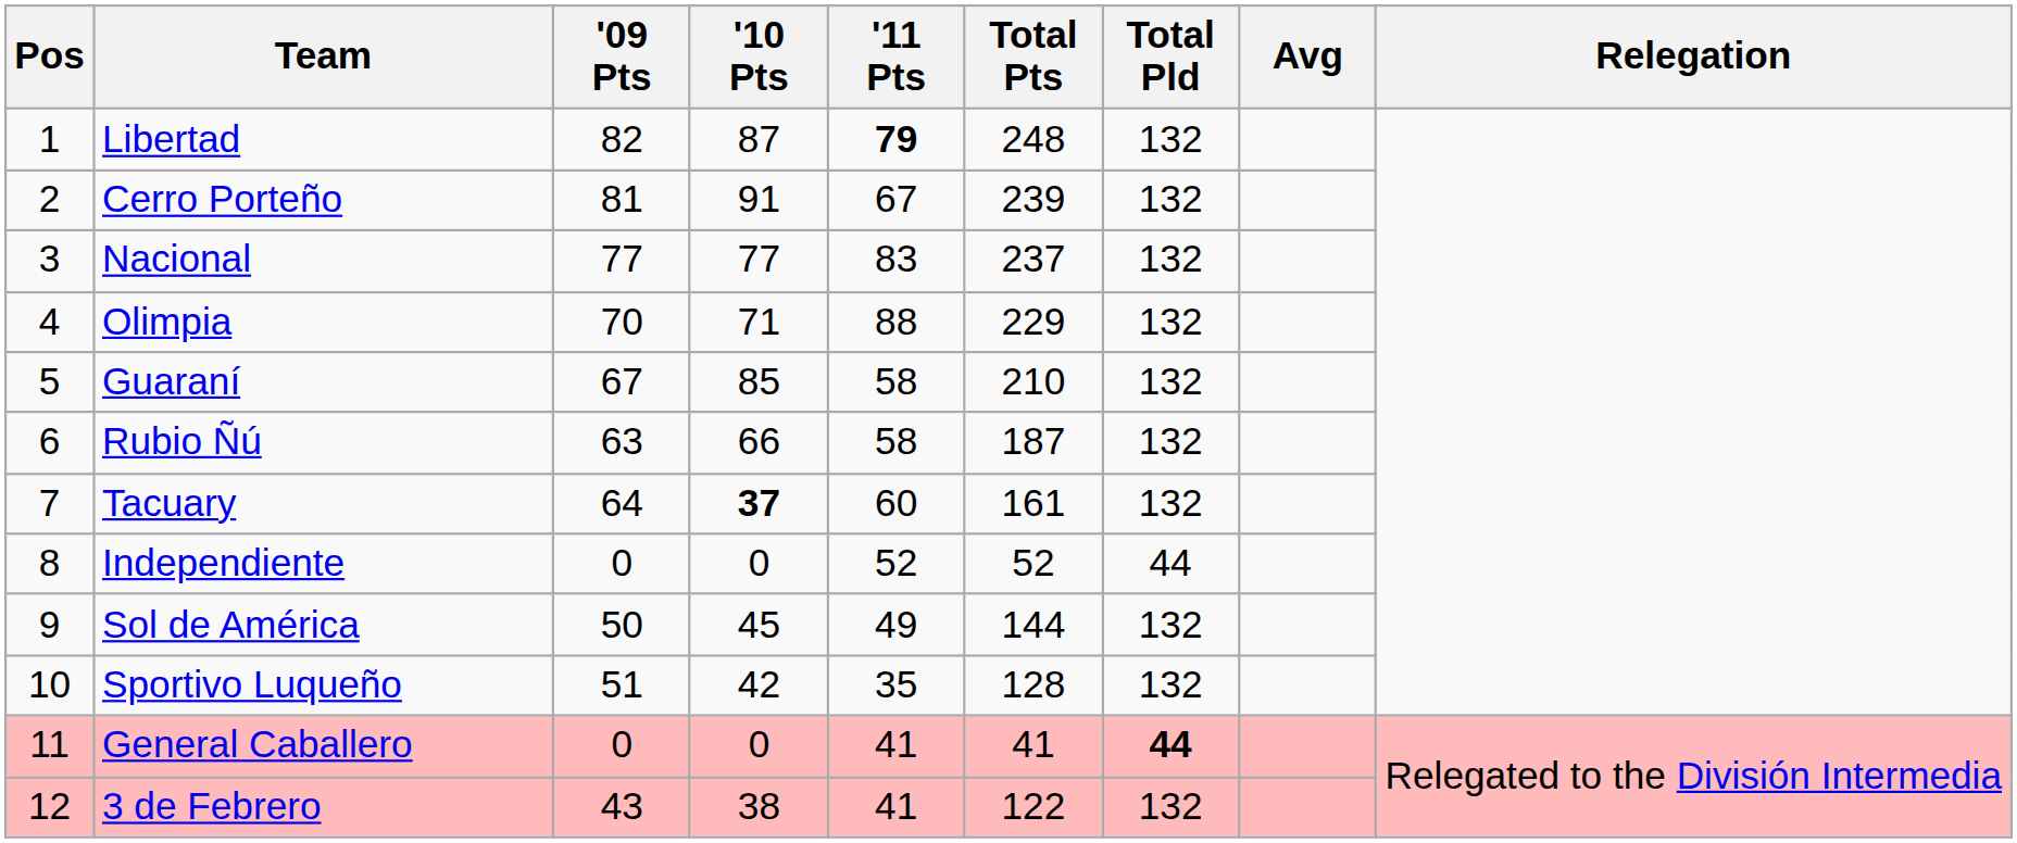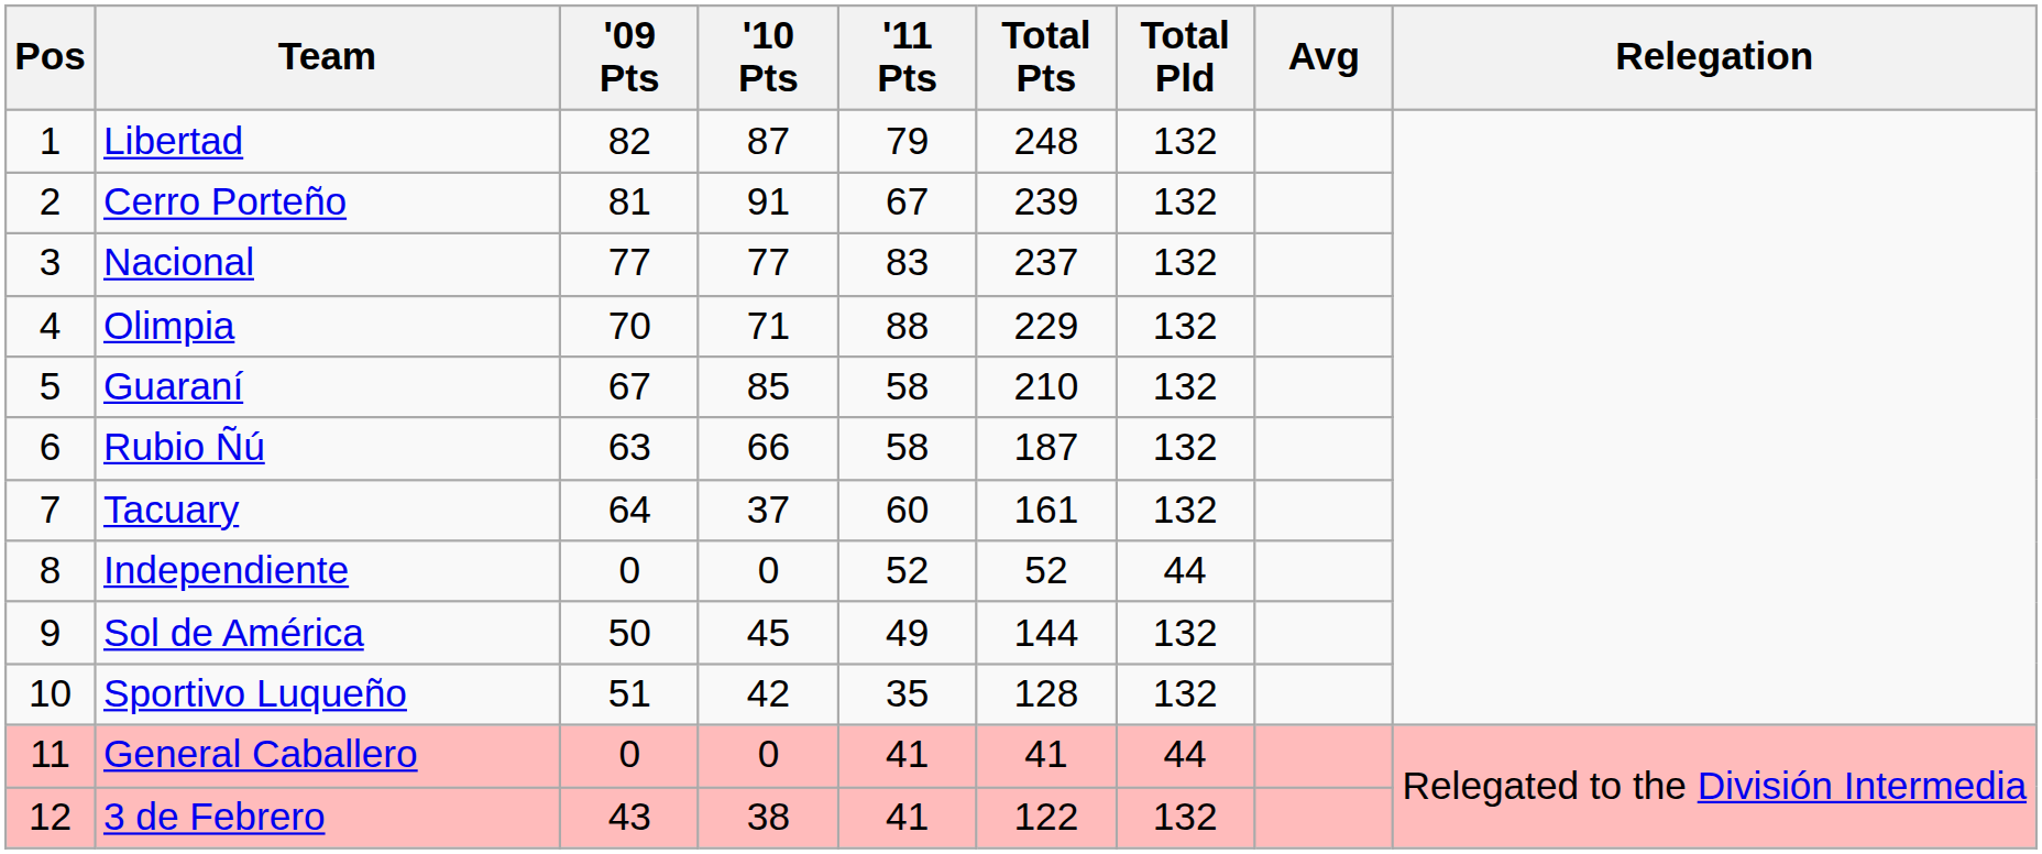 <table class="wikitable" style="text-align:center">
 <tr>
 <th width=28>Pos<br></th>
 <th width=185>Team<br></th>
 <th width=50>'09 Pts<br></th>
 <th width=50>'10 Pts<br></th>
 <th width=50>'11 Pts<br></th>
 <th width=50>Total<br>Pts</th>
 <th width=50>Total<br>Pld</th>
 <th width=50>Avg<br></th>
 <th>Relegation</th>
 </tr>
 <tr>
 <td>1</td>
 <td align="left"><a href='#'>Libertad</a></td>
 <td>82</td>
 <td>87</td>
-<td><strong>79</strong></td>
+<td>79</td>
 <td>248</td>
 <td>132</td>
 <td><strong></strong></td>
 </tr>
 <tr>
 <td>2</td>
 <td align="left"><a href='#'>Cerro Porteño</a></td>
 <td>81</td>
 <td>91</td>
 <td>67</td>
 <td>239</td>
 <td>132</td>
 <td><strong></strong></td>
 </tr>
 <tr>
 <td>3</td>
 <td align="left"><a href='#'>Nacional</a></td>
 <td>77</td>
 <td>77</td>
 <td>83</td>
 <td>237</td>
 <td>132</td>
 <td><strong></strong></td>
 </tr>
 <tr>
 <td>4</td>
 <td align="left"><a href='#'>Olimpia</a></td>
 <td>70</td>
 <td>71</td>
 <td>88</td>
 <td>229</td>
 <td>132</td>
 <td><strong></strong></td>
 </tr>
 <tr>
 <td>5</td>
 <td align="left"><a href='#'>Guaraní</a></td>
 <td>67</td>
 <td>85</td>
 <td>58</td>
 <td>210</td>
 <td>132</td>
 <td><strong></strong></td>
 </tr>
 <tr>
 <td>6</td>
 <td align="left"><a href='#'>Rubio Ñú</a></td>
 <td>63</td>
 <td>66</td>
 <td>58</td>
 <td>187</td>
 <td>132</td>
 <td><strong></strong></td>
 </tr>
 <tr>
 <td>7</td>
 <td align="left"><a href='#'>Tacuary</a></td>
 <td>64</td>
-<td><strong>37</strong></td>
+<td>37</td>
 <td>60</td>
 <td>161</td>
 <td>132</td>
 <td><strong></strong></td>
 </tr>
 <tr>
 <td>8</td>
 <td align="left"><a href='#'>Independiente</a></td>
 <td>0</td>
 <td>0</td>
 <td>52</td>
 <td>52</td>
 <td>44</td>
 <td><strong></strong></td>
 </tr>
 <tr>
 <td>9</td>
 <td align="left"><a href='#'>Sol de América</a></td>
 <td>50</td>
 <td>45</td>
 <td>49</td>
 <td>144</td>
 <td>132</td>
 <td><strong></strong></td>
 </tr>
 <tr>
 <td>10</td>
 <td align="left"><a href='#'>Sportivo Luqueño</a></td>
 <td>51</td>
 <td>42</td>
 <td>35</td>
 <td>128</td>
 <td>132</td>
 <td><strong></strong></td>
 </tr>
 <tr bgcolor=#FFBBBB>
 <td>11</td>
 <td align="left"><a href='#'>General Caballero</a></td>
 <td>0</td>
 <td>0</td>
 <td>41</td>
 <td>41</td>
-<td><strong>44</strong></td>
+<td>44</td>
 <td><strong></strong></td>
 <td rowspan=2>Relegated to the <a href='#'>División Intermedia</a></td>
 </tr>
 <tr bgcolor=#FFBBBB>
 <td>12</td>
 <td align="left"><a href='#'>3 de Febrero</a></td>
 <td>43</td>
 <td>38</td>
 <td>41</td>
 <td>122</td>
 <td>132</td>
 <td><strong></strong></td>
 </tr>
 </table>
